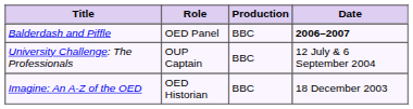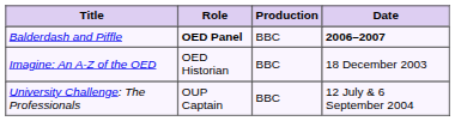 <table width="600px" | style="valign:top;background-color:#faf5ff" | cellpadding="4" | cellspacing="0" | border="1">
 <tr style="background-color:#ddcef2">
 <th>Title</th>
 <th>Role</th>
 <th>Production</th>
 <th>Date</th>
 </tr>
 <tr>
 <td><em><a href='#'>Balderdash and Piffle</a></em></td>
-<td>OED Panel</td>
+<td><strong>OED Panel</strong></td>
 <td>BBC</td>
 <td><strong>2006–2007</strong></td>
+</tr>
+<tr>
+<td><em><a href='#'>Imagine: An A-Z of the OED</a></em></td>
+<td>OED Historian</td>
+<td>BBC</td>
+<td>18 December 2003</td>
 </tr>
 <tr>
 <td><em><a href='#'>University Challenge</a>: The Professionals</em></td>
 <td>OUP Captain</td>
 <td>BBC</td>
 <td>12 July & 6 September 2004</td>
 </tr>
-<tr>
-<td><em><a href='#'>Imagine: An A-Z of the OED</a></em></td>
-<td>OED Historian</td>
-<td>BBC</td>
-<td>18 December 2003</td>
-</tr>
 </table>
